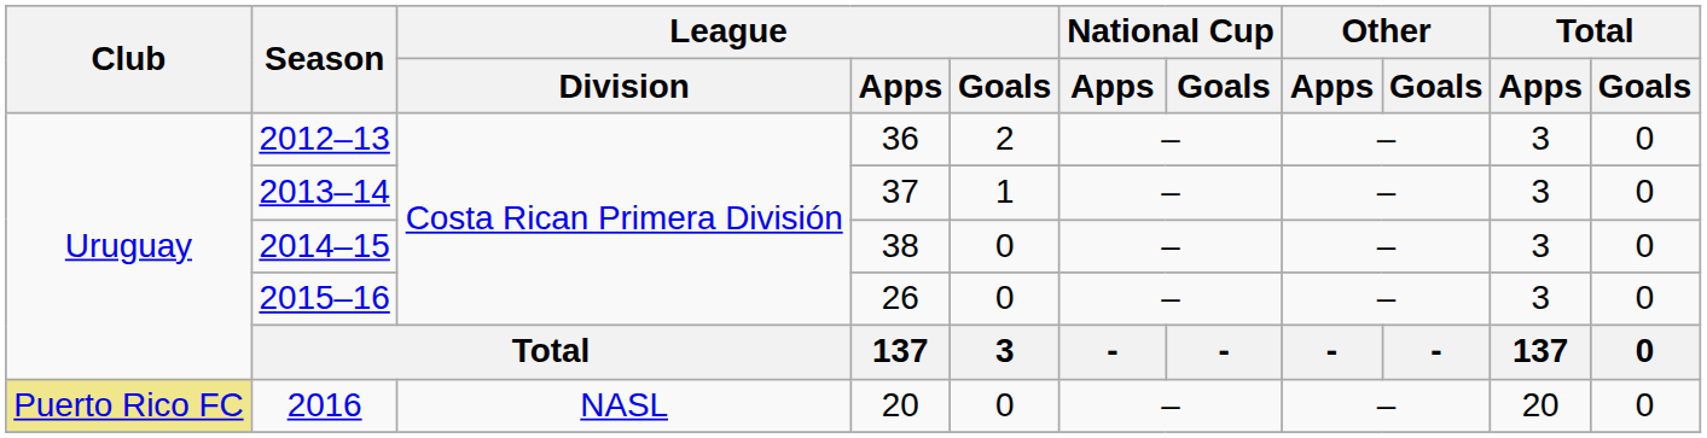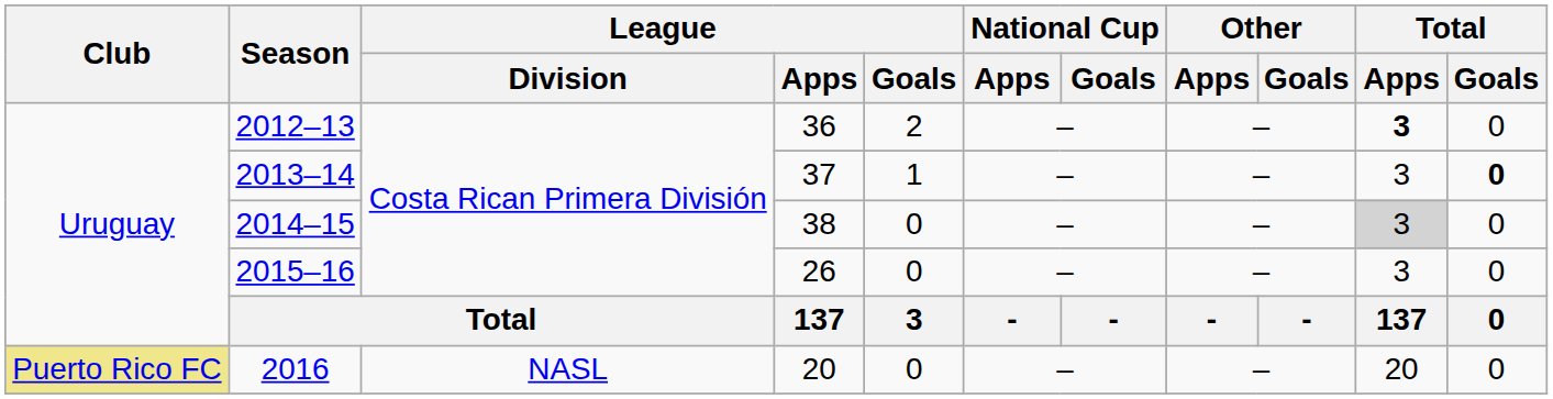 <table class="wikitable" style="text-align: center;">
 <tr>
 <th rowspan="2">Club</th>
 <th rowspan="2">Season</th>
 <th colspan="3">League</th>
 <th colspan="2">National Cup</th>
 <th colspan="2">Other</th>
 <th colspan="2">Total</th>
 </tr>
 <tr>
 <th>Division</th>
 <th>Apps</th>
 <th>Goals</th>
 <th>Apps</th>
 <th>Goals</th>
 <th>Apps</th>
 <th>Goals</th>
 <th>Apps</th>
 <th>Goals</th>
 </tr>
 <tr>
 <td rowspan="5" valign="center"><a href='#'>Uruguay</a></td>
 <td><a href='#'>2012–13</a></td>
 <td rowspan="4" valign="center"><a href='#'>Costa Rican Primera División</a></td>
 <td>36</td>
 <td>2</td>
 <td colspan="2">–</td>
 <td colspan="2">–</td>
-<td>3</td>
+<td><strong>3</strong></td>
 <td>0</td>
 </tr>
 <tr>
 <td><a href='#'>2013–14</a></td>
 <td>37</td>
 <td>1</td>
 <td colspan="2">–</td>
 <td colspan="2">–</td>
 <td>3</td>
-<td>0</td>
+<td><strong>0</strong></td>
 </tr>
 <tr>
 <td><a href='#'>2014–15</a></td>
 <td>38</td>
 <td>0</td>
 <td colspan="2">–</td>
 <td colspan="2">–</td>
-<td>3</td>
+<td style="background: lightgrey;">3</td>
 <td>0</td>
 </tr>
 <tr>
 <td><a href='#'>2015–16</a></td>
 <td>26</td>
 <td>0</td>
 <td colspan="2">–</td>
 <td colspan="2">–</td>
 <td>3</td>
 <td>0</td>
 </tr>
 <tr>
 <th colspan="2">Total</th>
 <th>137</th>
 <th>3</th>
 <th>-</th>
 <th>-</th>
 <th>-</th>
 <th>-</th>
 <th>137</th>
 <th>0</th>
 </tr>
 <tr>
 <td valign="center" style="background: khaki;"><a href='#'>Puerto Rico FC</a></td>
 <td><a href='#'>2016</a></td>
 <td><a href='#'>NASL</a></td>
 <td>20</td>
 <td>0</td>
 <td colspan="2">–</td>
 <td colspan="2">–</td>
 <td>20</td>
 <td>0</td>
 </tr>
 </table>
